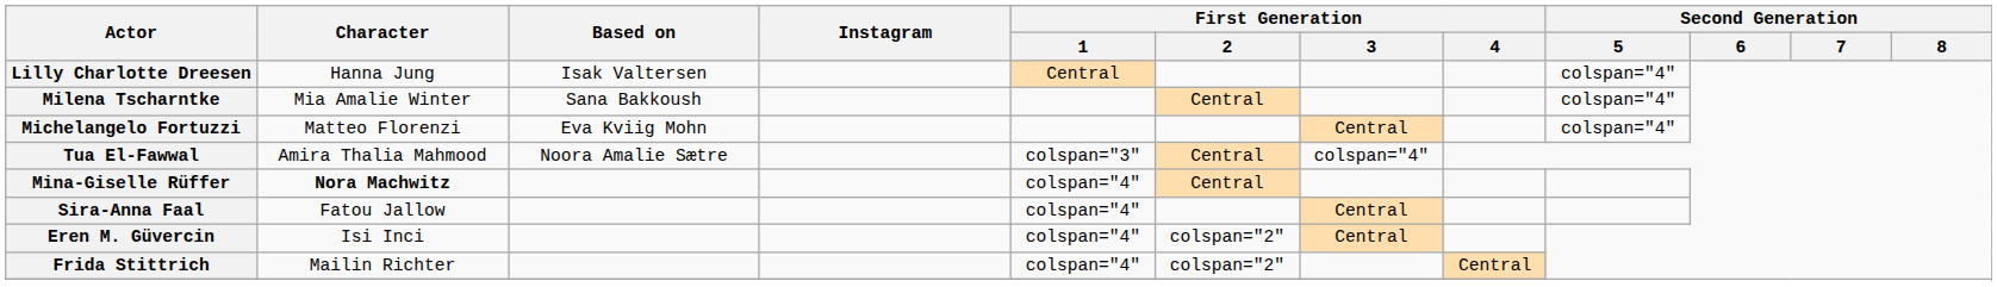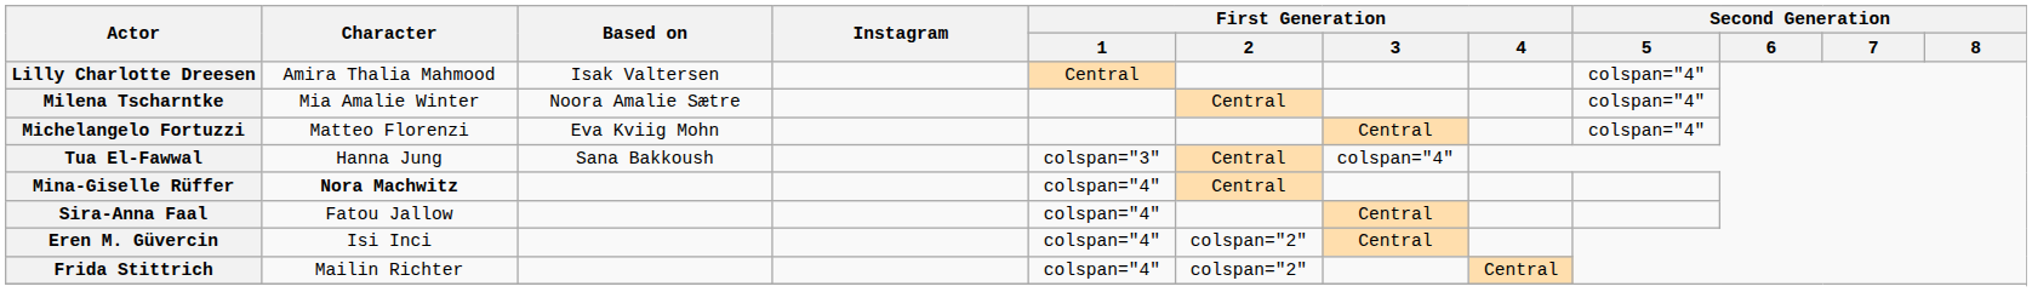 <table class="wikitable plainrowheaders" style="text-align:center; font-size:85%; width:100%">
 <tr>
 <th scope="col" rowspan="2" style="width:10%;">Actor</th>
 <th scope="col" rowspan="2" style="width:10%;">Character</th>
 <th scope="col" rowspan="2" style="width:10%;">Based on</th>
 <th scope="col" rowspan="2" style="width:10%;">Instagram</th>
 <th colspan="4">First Generation</th>
 <th colspan="4">Second Generation</th>
 </tr>
 <tr>
 <th scope="col" style="width:4%;">1</th>
 <th scope="col" style="width:4%;">2</th>
 <th scope="col" style="width:4%;">3</th>
 <th scope="col" style="width:4%;">4</th>
 <th scope="col" style="width:4%;">5</th>
 <th scope="col" style="width:4%;">6</th>
 <th scope="col" style="width:4%;">7</th>
 <th scope="col" style="width:4%;">8</th>
 </tr>
 <tr>
 <th scope="row">Lilly Charlotte Dreesen</th>
-<td>Hanna Jung</td>
+<td>Amira Thalia Mahmood</td>
 <td>Isak Valtersen</td>
 <td></td>
 <td colspan="1" style="background:#ffdead">Central</td>
 <td></td>
 <td></td>
 <td></td>
 <td>colspan="4" </td>
 </tr>
 <tr>
 <th scope="row">Milena Tscharntke</th>
 <td>Mia Amalie Winter</td>
-<td>Sana Bakkoush</td>
+<td>Noora Amalie Sætre</td>
 <td></td>
 <td></td>
 <td colspan="1" style="background:#ffdead">Central</td>
 <td></td>
 <td></td>
 <td>colspan="4" </td>
 </tr>
 <tr>
 <th scope="row">Michelangelo Fortuzzi</th>
 <td>Matteo Florenzi</td>
 <td>Eva Kviig Mohn</td>
 <td></td>
 <td></td>
 <td></td>
 <td colspan="1" style="background:#ffdead">Central</td>
 <td></td>
 <td>colspan="4" </td>
 </tr>
 <tr>
 <th scope="row">Tua El-Fawwal</th>
-<td>Amira Thalia Mahmood</td>
-<td>Noora Amalie Sætre</td>
+<td>Hanna Jung</td>
+<td>Sana Bakkoush</td>
 <td></td>
 <td>colspan="3" </td>
 <td colspan="1" style="background:#ffdead">Central</td>
 <td>colspan="4" </td>
 </tr>
 <tr>
 <th scope="row">Mina-Giselle Rüffer</th>
 <td><strong>Nora Machwitz</strong></td>
 <td></td>
 <td></td>
 <td>colspan="4" </td>
 <td colspan="1" style="background:#ffdead">Central</td>
 <td></td>
 <td></td>
 <td></td>
 </tr>
 <tr>
 <th scope="row">Sira-Anna Faal</th>
 <td>Fatou Jallow</td>
 <td></td>
 <td></td>
 <td>colspan="4" </td>
 <td></td>
 <td colspan="1" style="background:#ffdead">Central</td>
 <td></td>
 <td></td>
 </tr>
 <tr>
 <th scope="row">Eren M. Güvercin</th>
 <td>Isi Inci</td>
 <td></td>
 <td></td>
 <td>colspan="4" </td>
 <td>colspan="2" </td>
 <td colspan="1" style="background:#ffdead">Central</td>
 <td></td>
 </tr>
 <tr>
 <th scope="row">Frida Stittrich</th>
 <td>Mailin Richter</td>
 <td></td>
 <td></td>
 <td>colspan="4" </td>
 <td>colspan="2" </td>
 <td></td>
 <td colspan="1" style="background:#ffdead">Central</td>
 </tr>
 <tr>
 </tr>
 </table>
